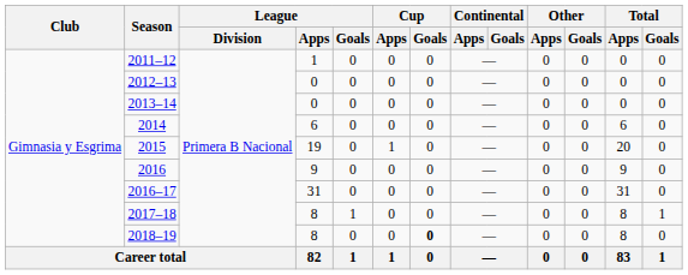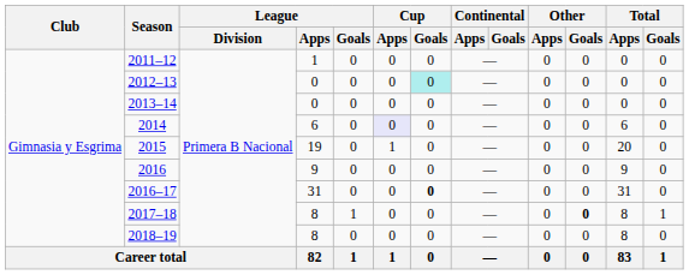 <table class="wikitable" style="text-align:center">
 <tr>
 <th rowspan="2">Club</th>
 <th rowspan="2">Season</th>
 <th colspan="3">League</th>
 <th colspan="2">Cup</th>
 <th colspan="2">Continental</th>
 <th colspan="2">Other</th>
 <th colspan="2">Total</th>
 </tr>
 <tr>
 <th>Division</th>
 <th>Apps</th>
 <th>Goals</th>
 <th>Apps</th>
 <th>Goals</th>
 <th>Apps</th>
 <th>Goals</th>
 <th>Apps</th>
 <th>Goals</th>
 <th>Apps</th>
 <th>Goals</th>
 </tr>
 <tr>
 <td rowspan="9"><a href='#'>Gimnasia y Esgrima</a></td>
 <td><a href='#'>2011–12</a></td>
 <td rowspan="9"><a href='#'>Primera B Nacional</a></td>
 <td>1</td>
 <td>0</td>
 <td>0</td>
 <td>0</td>
 <td colspan="2">—</td>
 <td>0</td>
 <td>0</td>
 <td>0</td>
 <td>0</td>
 </tr>
 <tr>
 <td><a href='#'>2012–13</a></td>
 <td>0</td>
 <td>0</td>
 <td>0</td>
-<td>0</td>
+<td style="background: paleturquoise;">0</td>
 <td colspan="2">—</td>
 <td>0</td>
 <td>0</td>
 <td>0</td>
 <td>0</td>
 </tr>
 <tr>
 <td><a href='#'>2013–14</a></td>
 <td>0</td>
 <td>0</td>
 <td>0</td>
 <td>0</td>
 <td colspan="2">—</td>
 <td>0</td>
 <td>0</td>
 <td>0</td>
 <td>0</td>
 </tr>
 <tr>
 <td><a href='#'>2014</a></td>
 <td>6</td>
 <td>0</td>
-<td>0</td>
+<td style="background: lavender;">0</td>
 <td>0</td>
 <td colspan="2">—</td>
 <td>0</td>
 <td>0</td>
 <td>6</td>
 <td>0</td>
 </tr>
 <tr>
 <td><a href='#'>2015</a></td>
 <td>19</td>
 <td>0</td>
 <td>1</td>
 <td>0</td>
 <td colspan="2">—</td>
 <td>0</td>
 <td>0</td>
 <td>20</td>
 <td>0</td>
 </tr>
 <tr>
 <td><a href='#'>2016</a></td>
 <td>9</td>
 <td>0</td>
 <td>0</td>
 <td>0</td>
 <td colspan="2">—</td>
 <td>0</td>
 <td>0</td>
 <td>9</td>
 <td>0</td>
 </tr>
 <tr>
 <td><a href='#'>2016–17</a></td>
 <td>31</td>
 <td>0</td>
 <td>0</td>
-<td>0</td>
+<td><strong>0</strong></td>
 <td colspan="2">—</td>
 <td>0</td>
 <td>0</td>
 <td>31</td>
 <td>0</td>
 </tr>
 <tr>
 <td><a href='#'>2017–18</a></td>
 <td>8</td>
 <td>1</td>
 <td>0</td>
 <td>0</td>
 <td colspan="2">—</td>
 <td>0</td>
-<td>0</td>
+<td><strong>0</strong></td>
 <td>8</td>
 <td>1</td>
 </tr>
 <tr>
 <td><a href='#'>2018–19</a></td>
 <td>8</td>
 <td>0</td>
 <td>0</td>
-<td><strong>0</strong></td>
+<td>0</td>
 <td colspan="2">—</td>
 <td>0</td>
 <td>0</td>
 <td>8</td>
 <td>0</td>
 </tr>
 <tr>
 <th colspan="3">Career total</th>
 <th>82</th>
 <th>1</th>
 <th>1</th>
 <th>0</th>
 <th colspan="2">—</th>
 <th>0</th>
 <th>0</th>
 <th>83</th>
 <th>1</th>
 </tr>
 </table>
